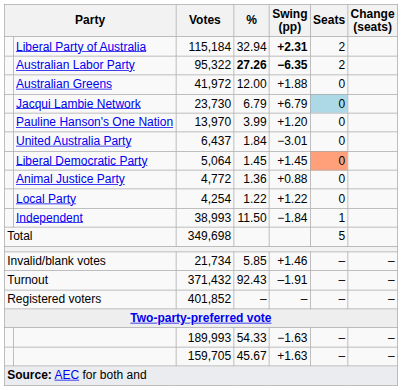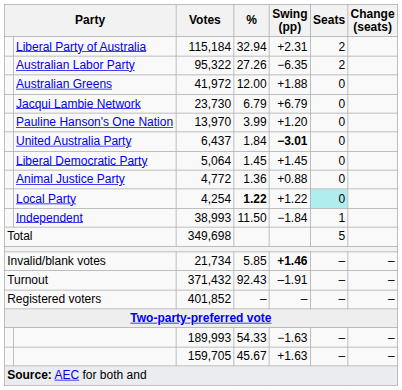 <table class="wikitable" style="text-align:right;  margin-bottom:0">
 <tr>
 <th style="width:200px" colspan=3>Party</th>
 <th style="width:70px;">Votes</th>
 <th style="width:40px;">%</th>
 <th style="width:40px;">Swing (pp)</th>
 <th style="width:40px;">Seats</th>
 <th style="width:40px;">Change (seats)</th>
 </tr>
 <tr>
 <td> </td>
 <td style="text-align:left;" colspan="2"><a href='#'>Liberal Party of Australia</a></td>
 <td>115,184</td>
 <td>32.94</td>
-<td><strong>+2.31</strong></td>
+<td>+2.31</td>
 <td>2</td>
 <td></td>
 </tr>
 <tr>
 <td> </td>
 <td style="text-align:left;" colspan="2"><a href='#'>Australian Labor Party</a></td>
 <td align=right>95,322</td>
-<td align=right><strong>27.26</strong></td>
-<td align=right><strong>−6.35</strong></td>
+<td align=right>27.26</td>
+<td align=right>−6.35</td>
 <td align=right>2</td>
 <td align=right></td>
 </tr>
 <tr>
 <td> </td>
 <td style="text-align:left;" colspan="2"><a href='#'>Australian Greens</a></td>
 <td align=right>41,972</td>
 <td align=right>12.00</td>
 <td align=right>+1.88</td>
 <td align=right>0</td>
 <td align=right></td>
 </tr>
 <tr>
 <td> </td>
 <td style="text-align:left;" colspan="2"><a href='#'>Jacqui Lambie Network</a></td>
 <td align=right>23,730</td>
 <td align=right>6.79</td>
 <td align=right>+6.79</td>
-<td align=right style="background: lightblue;">0</td>
+<td align=right>0</td>
 <td align=right></td>
 </tr>
 <tr>
 <td> </td>
 <td style="text-align:left;" colspan="2"><a href='#'>Pauline Hanson's One Nation</a></td>
 <td align=right>13,970</td>
 <td align=right>3.99</td>
 <td align=right>+1.20</td>
 <td align=right>0</td>
 <td align=right></td>
 </tr>
 <tr>
 <td> </td>
 <td style="text-align:left;" colspan="2"><a href='#'>United Australia Party</a></td>
 <td align=right>6,437</td>
 <td align=right>1.84</td>
-<td align=right>−3.01</td>
+<td align=right><strong>−3.01</strong></td>
 <td align=right>0</td>
 <td align=right></td>
 </tr>
 <tr>
 <td> </td>
 <td style="text-align:left;" colspan="2"><a href='#'>Liberal Democratic Party</a></td>
 <td align=right>5,064</td>
 <td align=right>1.45</td>
 <td align=right>+1.45</td>
-<td align=right style="background: lightsalmon;">0</td>
+<td align=right>0</td>
 <td align=right></td>
 </tr>
 <tr>
 <td> </td>
 <td style="text-align:left;" colspan="2"><a href='#'>Animal Justice Party</a></td>
 <td align=right>4,772</td>
 <td align=right>1.36</td>
 <td align=right>+0.88</td>
 <td align=right>0</td>
 <td align=right></td>
 </tr>
 <tr>
 <td> </td>
 <td style="text-align:left;" colspan="2"><a href='#'>Local Party</a></td>
 <td align=right>4,254</td>
-<td align=right>1.22</td>
+<td align=right><strong>1.22</strong></td>
 <td align=right>+1.22</td>
-<td align=right>0</td>
+<td align=right style="background: paleturquoise;">0</td>
 <td align=right></td>
 </tr>
 <tr>
 <td> </td>
 <td style="text-align:left;" colspan="2"><a href='#'>Independent</a></td>
 <td align=right>38,993</td>
 <td align=right>11.50</td>
 <td align=right>−1.84</td>
 <td align=right>1</td>
 <td align=right></td>
 </tr>
 <tr>
 <td colspan=3 align=left>Total</td>
 <td align=right>349,698</td>
 <td align=right></td>
 <td align=right></td>
 <td align=right>5</td>
 <td align=right></td>
 </tr>
 <tr>
 <th colspan="9"></th>
 </tr>
 <tr>
 <td style="text-align:left;" colspan="3">Invalid/blank votes</td>
 <td align=right>21,734</td>
 <td align=right>5.85</td>
-<td align=right>+1.46</td>
+<td align=right><strong>+1.46</strong></td>
 <td align=right>–</td>
 <td align=right>–</td>
 </tr>
 <tr>
 <td style="text-align:left;" colspan="3">Turnout</td>
 <td align=right>371,432</td>
 <td align=right>92.43</td>
 <td align=right>–1.91</td>
 <td align=right>–</td>
 <td align=right>–</td>
 </tr>
 <tr>
 <td style="text-align:left;" colspan="3">Registered voters</td>
 <td align=right>401,852</td>
 <td align=right>–</td>
 <td align=right>–</td>
 <td align=right>–</td>
 <td align=right>–</td>
 </tr>
 <tr>
 <td colspan="8" style="text-align:center; background:#eee;"><strong><a href='#'>Two-party-preferred vote</a></strong></td>
 </tr>
 <tr>
 <td> </td>
 <td colspan=2 align=left></td>
 <td align=right>189,993</td>
 <td align=right>54.33</td>
 <td align=right>−1.63</td>
 <td align=right>–</td>
 <td align=right>–</td>
 </tr>
 <tr>
 <td> </td>
 <td colspan=2 align=left></td>
 <td align=right>159,705</td>
 <td align=right>45.67</td>
 <td align=right>+1.63</td>
 <td align=right>–</td>
 <td align=right>–</td>
 </tr>
 <tr>
 <td style="text-align:left; background-color:#eaecf0" colspan="8"><strong>Source:</strong> <a href='#'>AEC</a> for both  and </td>
 </tr>
 </table>
